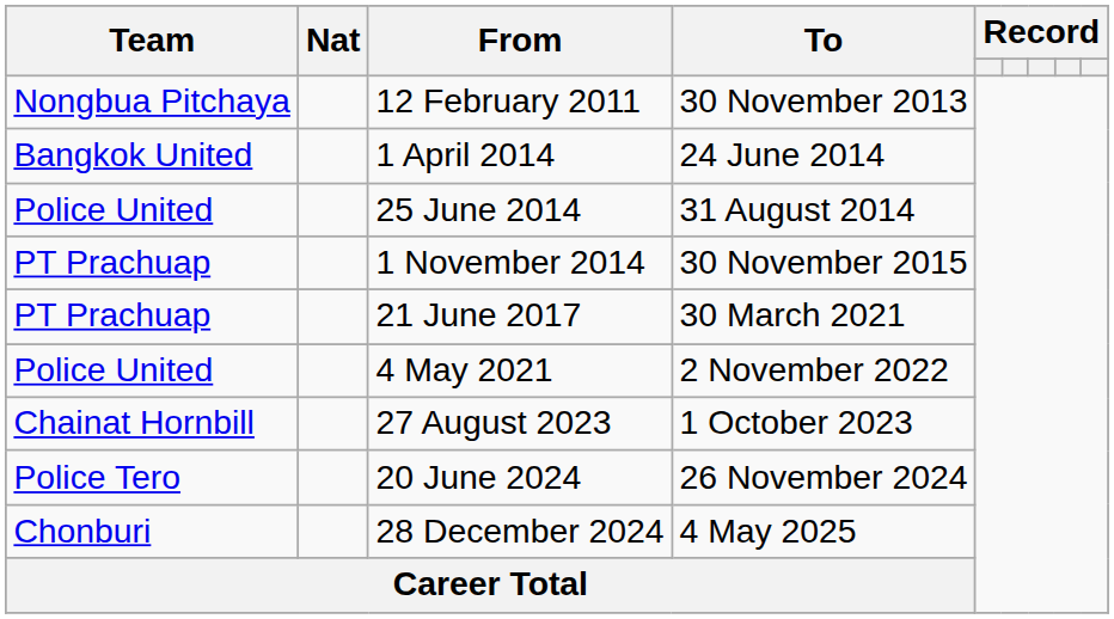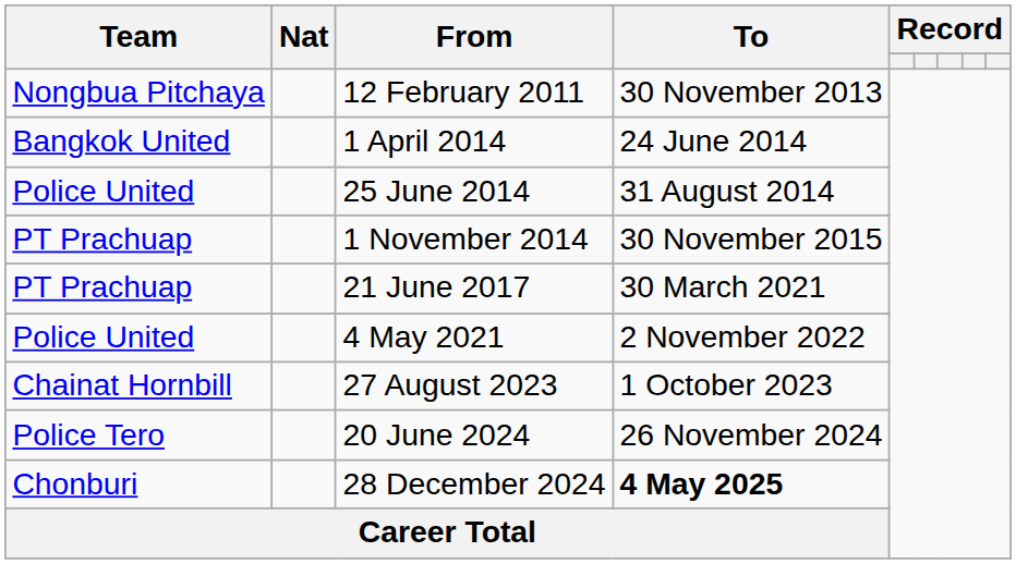 <table class="wikitable" style="text-align: center;">
 <tr>
 <th rowspan=2>Team</th>
 <th rowspan=2>Nat</th>
 <th rowspan=2>From</th>
 <th rowspan=2>To</th>
 <th colspan=5>Record</th>
 </tr>
 <tr>
 <th></th>
 <th></th>
 <th></th>
 <th></th>
 <th></th>
 </tr>
 <tr>
 <td align=left><a href='#'>Nongbua Pitchaya</a></td>
 <td></td>
 <td align=left>12 February 2011</td>
 <td align=left>30 November 2013<br></td>
 </tr>
 <tr>
 <td align=left><a href='#'>Bangkok United</a></td>
 <td></td>
 <td align=left>1 April 2014</td>
 <td align=left>24 June 2014<br></td>
 </tr>
 <tr>
 <td align=left><a href='#'>Police United</a></td>
 <td></td>
 <td align=left>25 June 2014</td>
 <td align=left>31 August 2014<br></td>
 </tr>
 <tr>
 <td align=left><a href='#'>PT Prachuap</a></td>
 <td></td>
 <td align=left>1 November 2014</td>
 <td align=left>30 November 2015<br></td>
 </tr>
 <tr>
 <td align=left><a href='#'>PT Prachuap</a></td>
 <td></td>
 <td align=left>21 June 2017</td>
 <td align=left>30 March 2021<br></td>
 </tr>
 <tr>
 <td align=left><a href='#'>Police United</a></td>
 <td></td>
 <td align=left>4 May 2021</td>
 <td align=left>2 November 2022<br></td>
 </tr>
 <tr>
 <td align=left><a href='#'>Chainat Hornbill</a></td>
 <td></td>
 <td align=left>27 August 2023</td>
 <td align=left>1 October 2023<br></td>
 </tr>
 <tr>
 <td align=left><a href='#'>Police Tero</a></td>
 <td></td>
 <td align=left>20 June 2024</td>
 <td align=left>26 November 2024<br></td>
 </tr>
 <tr>
 <td align=left><a href='#'>Chonburi</a></td>
 <td></td>
 <td align=left>28 December 2024</td>
-<td align=left>4 May 2025<br></td>
+<td align=left><strong>4 May 2025<br></strong></td>
 </tr>
 <tr>
 <th colspan=4>Career Total<br></th>
 </tr>
 </table>
